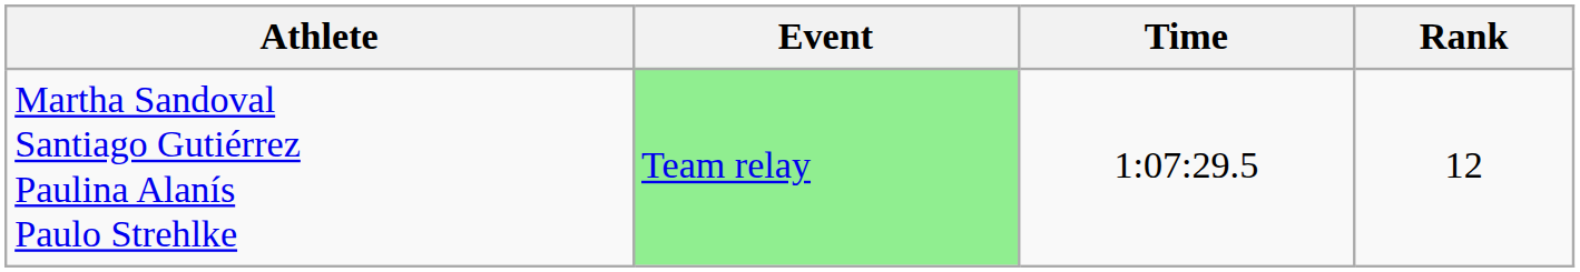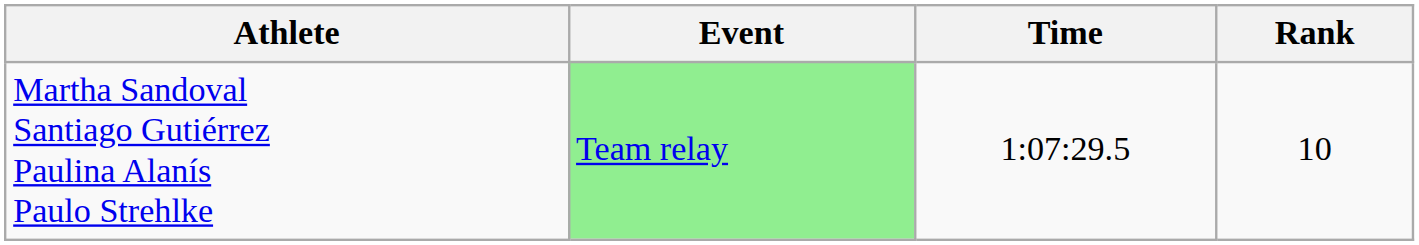 <table class="wikitable" style="text-align:center; font-size:90%; width:30%;">
 <tr>
 <th>Athlete</th>
 <th>Event</th>
 <th>Time</th>
 <th>Rank</th>
 </tr>
 <tr>
 <td align="left"><a href='#'>Martha Sandoval</a><br><a href='#'>Santiago Gutiérrez</a><br><a href='#'>Paulina Alanís</a><br><a href='#'>Paulo Strehlke</a></td>
 <td align="left" style="background: lightgreen;"><a href='#'>Team relay</a></td>
 <td>1:07:29.5</td>
-<td>12</td>
+<td>10</td>
 </tr>
 </table>
